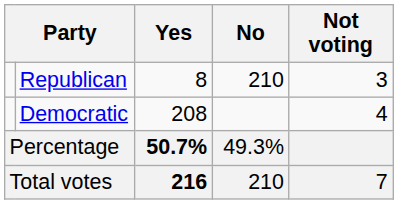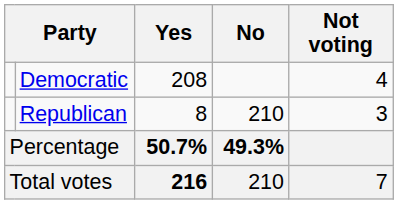 <table class="wikitable" style="margin-right: 1em; background: #f9f9f9; text-align: right;">
 <tr>
 <th colspan="2" scope="col" style="width: 90px">Party</th>
 <th scope="col" style="width: 50px">Yes</th>
 <th scope="col" style="width: 50px">No</th>
 <th scope="col" style="width: 70px">Not voting</th>
 </tr>
 <tr>
 <td scope="row" style="background-color:"></td>
+<td scope="row" style="text-align: left;"><a href='#'>Democratic</a></td>
+<td>208</td>
+<td></td>
+<td>4</td>
+</tr>
+<tr>
+<td scope="row" style="background-color:"></td>
 <td scope="row" style="text-align: left;"><a href='#'>Republican</a></td>
 <td>8</td>
 <td>210</td>
 <td>3</td>
 </tr>
-<tr>
-<td scope="row" style="background-color:"></td>
-<td scope="row" style="text-align: left;"><a href='#'>Democratic</a></td>
-<td>208</td>
-<td></td>
-<td>4</td>
-</tr>
 <tr class="tfoot" style="background:#f2f2f2;">
 <td scope="row" colspan="2" style="text-align:left;">Percentage</td>
 <td><strong>50.7%</strong></td>
-<td>49.3%</td>
+<td><strong>49.3%</strong></td>
 <td></td>
 </tr>
 <tr class="tfoot" style="background:#f2f2f2;">
 <td scope="row" colspan="2" style="text-align:left;">Total votes</td>
 <td> <strong>216</strong></td>
 <td>210</td>
 <td>7</td>
 </tr>
 </table>
